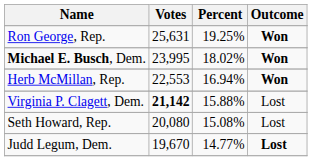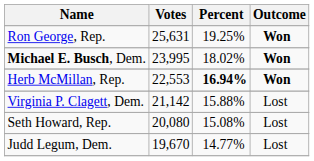 <table class="wikitable">
 <tr>
 <th>Name</th>
 <th>Votes</th>
 <th>Percent</th>
 <th>Outcome</th>
 </tr>
 <tr>
 </tr>
 <tr>
 <td><a href='#'>Ron George</a>, Rep.</td>
 <td>25,631</td>
 <td>  19.25%</td>
 <td>   <strong>Won</strong></td>
 </tr>
 <tr>
 </tr>
 <tr>
 <td><strong>Michael E. Busch</strong>, Dem.</td>
 <td>23,995</td>
 <td>  18.02%</td>
 <td>   <strong>Won</strong></td>
 </tr>
 <tr>
 </tr>
 <tr>
 <td><a href='#'>Herb McMillan</a>, Rep.</td>
 <td>22,553</td>
-<td>  16.94%</td>
+<td><strong>  16.94%</strong></td>
 <td>   <strong>Won</strong></td>
 </tr>
 <tr>
 </tr>
 <tr>
 <td><a href='#'>Virginia P. Clagett</a>, Dem.</td>
-<td><strong>21,142</strong></td>
+<td>21,142</td>
 <td>  15.88%</td>
 <td>   Lost</td>
 </tr>
 <tr>
 </tr>
 <tr>
 <td>Seth Howard, Rep.</td>
 <td>20,080</td>
 <td>  15.08%</td>
 <td>   Lost</td>
 </tr>
 <tr>
 </tr>
 <tr>
 <td>Judd Legum, Dem.</td>
 <td>19,670</td>
 <td>  14.77%</td>
-<td><strong>   Lost</strong></td>
+<td>   Lost</td>
 </tr>
 <tr>
 </tr>
 </table>
